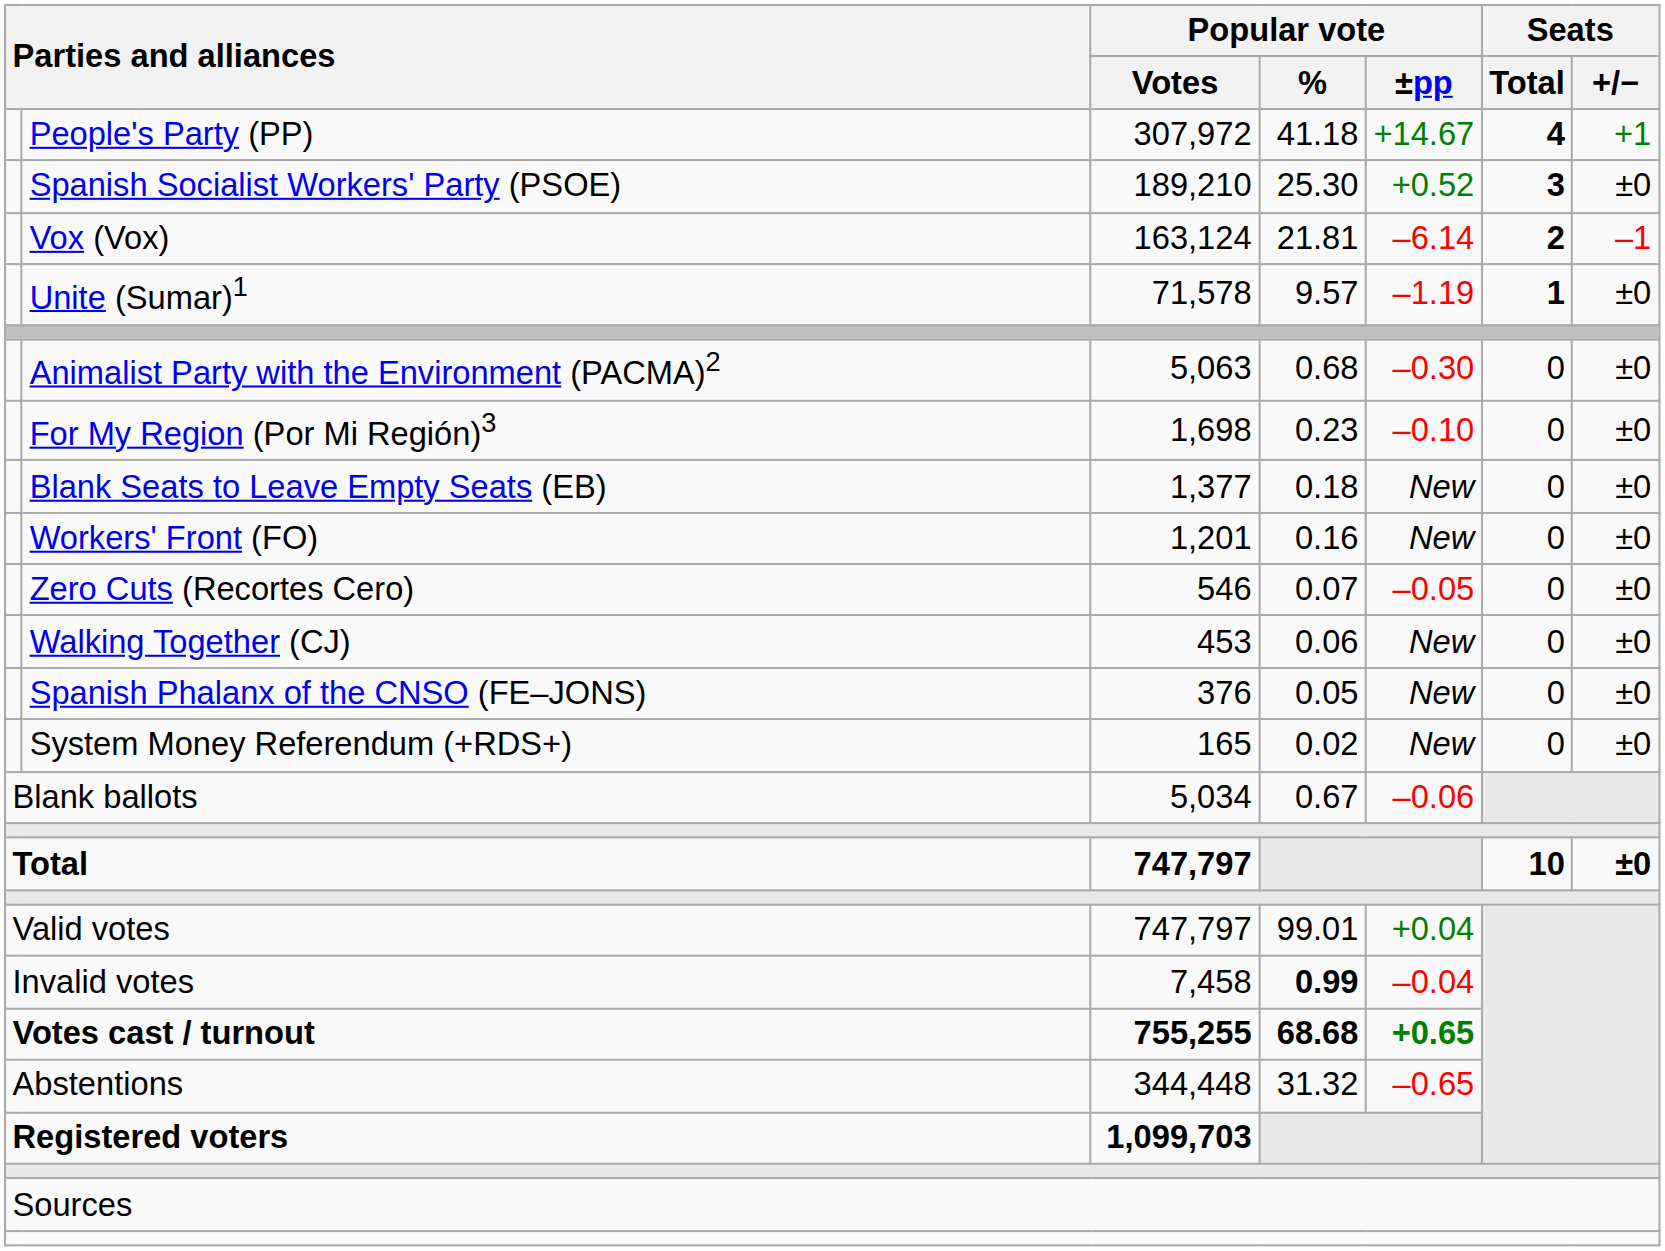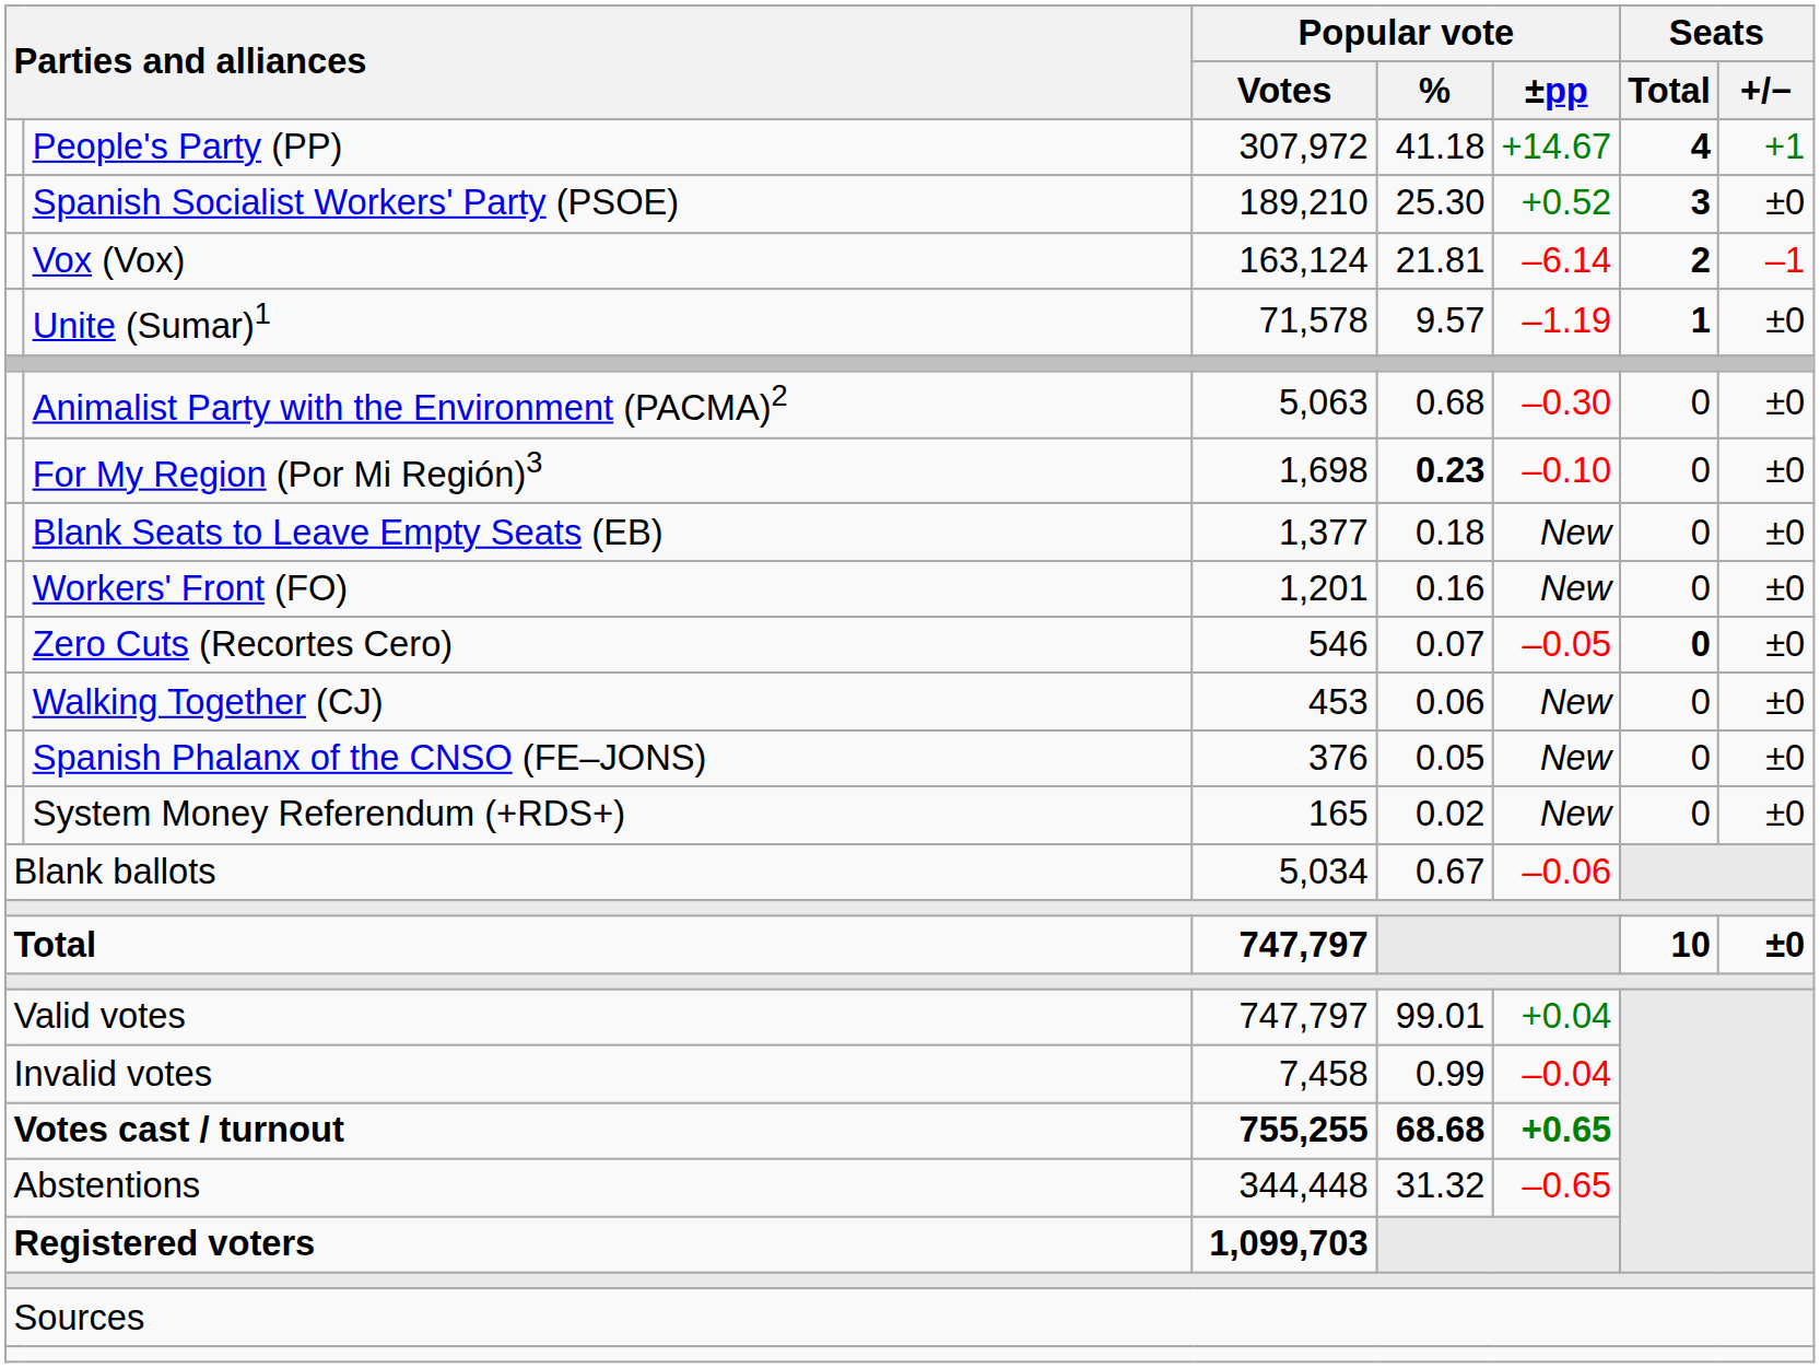 <table class="wikitable" style="text-align:right;">
 <tr>
 <th style="text-align:left;" rowspan="2" colspan="2" width="525">Parties and alliances</th>
 <th colspan="3">Popular vote</th>
 <th colspan="2">Seats</th>
 </tr>
 <tr>
 <th width="75">Votes</th>
 <th width="45">%</th>
 <th width="45">±<a href='#'>pp</a></th>
 <th width="35">Total</th>
 <th width="35">+/−</th>
 </tr>
 <tr>
 <td width="1" style="color:inherit;background:"></td>
 <td align="left"><a href='#'>People's Party</a> (PP)</td>
 <td>307,972</td>
 <td>41.18</td>
 <td style="color:green;">+14.67</td>
 <td><strong>4</strong></td>
 <td style="color:green;">+1</td>
 </tr>
 <tr>
 <td style="color:inherit;background:"></td>
 <td align="left"><a href='#'>Spanish Socialist Workers' Party</a> (PSOE)</td>
 <td>189,210</td>
 <td>25.30</td>
 <td style="color:green;">+0.52</td>
 <td><strong>3</strong></td>
 <td>±0</td>
 </tr>
 <tr>
 <td style="color:inherit;background:"></td>
 <td align="left"><a href='#'>Vox</a> (Vox)</td>
 <td>163,124</td>
 <td>21.81</td>
 <td style="color:red;">–6.14</td>
 <td><strong>2</strong></td>
 <td style="color:red;">–1</td>
 </tr>
 <tr>
 <td style="color:inherit;background:"></td>
 <td align="left"><a href='#'>Unite</a> (Sumar)<sup>1</sup></td>
 <td>71,578</td>
 <td>9.57</td>
 <td style="color:red;">–1.19</td>
 <td><strong>1</strong></td>
 <td>±0</td>
 </tr>
 <tr>
 <td colspan="7" bgcolor="#C0C0C0"></td>
 </tr>
 <tr>
 <td style="color:inherit;background:"></td>
 <td align="left"><a href='#'>Animalist Party with the Environment</a> (PACMA)<sup>2</sup></td>
 <td>5,063</td>
 <td>0.68</td>
 <td style="color:red;">–0.30</td>
 <td>0</td>
 <td>±0</td>
 </tr>
 <tr>
 <td style="color:inherit;background:"></td>
 <td align="left"><a href='#'>For My Region</a> (Por Mi Región)<sup>3</sup></td>
 <td>1,698</td>
-<td>0.23</td>
+<td><strong>0.23</strong></td>
 <td style="color:red;">–0.10</td>
 <td>0</td>
 <td>±0</td>
 </tr>
 <tr>
 <td style="color:inherit;background:"></td>
 <td align="left"><a href='#'>Blank Seats to Leave Empty Seats</a> (EB)</td>
 <td>1,377</td>
 <td>0.18</td>
 <td><em>New</em></td>
 <td>0</td>
 <td>±0</td>
 </tr>
 <tr>
 <td style="color:inherit;background:"></td>
 <td align="left"><a href='#'>Workers' Front</a> (FO)</td>
 <td>1,201</td>
 <td>0.16</td>
 <td><em>New</em></td>
 <td>0</td>
 <td>±0</td>
 </tr>
 <tr>
 <td style="color:inherit;background:"></td>
 <td align="left"><a href='#'>Zero Cuts</a> (Recortes Cero)</td>
 <td>546</td>
 <td>0.07</td>
 <td style="color:red;">–0.05</td>
-<td>0</td>
+<td><strong>0</strong></td>
 <td>±0</td>
 </tr>
 <tr>
 <td style="color:inherit;background:"></td>
 <td align="left"><a href='#'>Walking Together</a> (CJ)</td>
 <td>453</td>
 <td>0.06</td>
 <td><em>New</em></td>
 <td>0</td>
 <td>±0</td>
 </tr>
 <tr>
 <td style="color:inherit;background:"></td>
 <td align="left"><a href='#'>Spanish Phalanx of the CNSO</a> (FE–JONS)</td>
 <td>376</td>
 <td>0.05</td>
 <td><em>New</em></td>
 <td>0</td>
 <td>±0</td>
 </tr>
 <tr>
 <td style="color:inherit;background:"></td>
 <td align="left">System Money Referendum (+RDS+)</td>
 <td>165</td>
 <td>0.02</td>
 <td><em>New</em></td>
 <td>0</td>
 <td>±0</td>
 </tr>
 <tr>
 <td align="left" colspan="2">Blank ballots</td>
 <td>5,034</td>
 <td>0.67</td>
 <td style="color:red;">–0.06</td>
 <td bgcolor="#E9E9E9" colspan="2"></td>
 </tr>
 <tr>
 <td colspan="7" bgcolor="#E9E9E9"></td>
 </tr>
 <tr style="font-weight:bold;">
 <td align="left" colspan="2">Total</td>
 <td>747,797</td>
 <td bgcolor="#E9E9E9" colspan="2"></td>
 <td>10</td>
 <td>±0</td>
 </tr>
 <tr>
 <td colspan="7" bgcolor="#E9E9E9"></td>
 </tr>
 <tr>
 <td align="left" colspan="2">Valid votes</td>
 <td>747,797</td>
 <td>99.01</td>
 <td style="color:green;">+0.04</td>
 <td bgcolor="#E9E9E9" colspan="2" rowspan="5"></td>
 </tr>
 <tr>
 <td align="left" colspan="2">Invalid votes</td>
 <td>7,458</td>
-<td><strong>0.99</strong></td>
+<td>0.99</td>
 <td style="color:red;">–0.04</td>
 </tr>
 <tr style="font-weight:bold;">
 <td align="left" colspan="2">Votes cast / turnout</td>
 <td>755,255</td>
 <td>68.68</td>
 <td style="color:green;">+0.65</td>
 </tr>
 <tr>
 <td align="left" colspan="2">Abstentions</td>
 <td>344,448</td>
 <td>31.32</td>
 <td style="color:red;">–0.65</td>
 </tr>
 <tr style="font-weight:bold;">
 <td align="left" colspan="2">Registered voters</td>
 <td>1,099,703</td>
 <td bgcolor="#E9E9E9" colspan="2"></td>
 </tr>
 <tr>
 <td colspan="7" bgcolor="#E9E9E9"></td>
 </tr>
 <tr>
 <td align="left" colspan="7">Sources</td>
 </tr>
 <tr>
 <td colspan="7" style="text-align:left; max-width:790px;"></td>
 </tr>
 </table>
